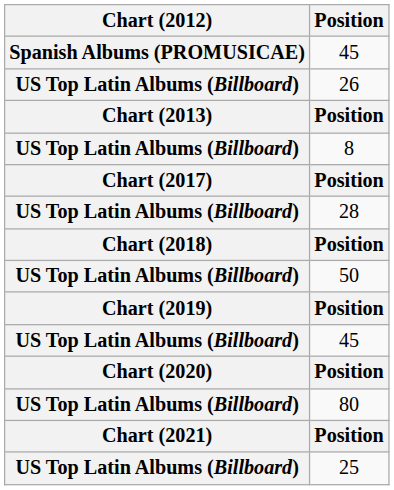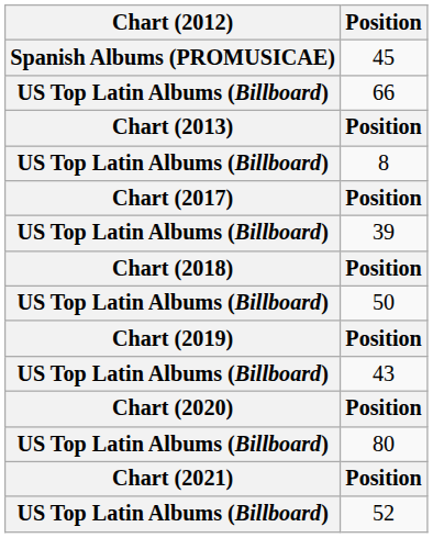 <table class="wikitable plainrowheaders" style="text-align:center">
 <tr>
 <th scope="col">Chart (2012)</th>
 <th scope="col">Position</th>
 </tr>
 <tr>
 <th scope="row">Spanish Albums (PROMUSICAE)</th>
 <td>45</td>
 </tr>
 <tr>
 <th scope="row">US Top Latin Albums (<em>Billboard</em>)</th>
-<td>26</td>
+<td>66</td>
 </tr>
 <tr>
 <th scope="col">Chart (2013)</th>
 <th scope="col">Position</th>
 </tr>
 <tr>
 <th scope="row">US Top Latin Albums (<em>Billboard</em>)</th>
 <td>8</td>
 </tr>
 <tr>
 <th scope="col">Chart (2017)</th>
 <th scope="col">Position</th>
 </tr>
 <tr>
 <th scope="row">US Top Latin Albums (<em>Billboard</em>)</th>
-<td>28</td>
+<td>39</td>
 </tr>
 <tr>
 <th scope="col">Chart (2018)</th>
 <th scope="col">Position</th>
 </tr>
 <tr>
 <th scope="row">US Top Latin Albums (<em>Billboard</em>)</th>
 <td>50</td>
 </tr>
 <tr>
 <th scope="col">Chart (2019)</th>
 <th scope="col">Position</th>
 </tr>
 <tr>
 <th scope="row">US Top Latin Albums (<em>Billboard</em>)</th>
-<td>45</td>
+<td>43</td>
 </tr>
 <tr>
 <th scope="col">Chart (2020)</th>
 <th scope="col">Position</th>
 </tr>
 <tr>
 <th scope="row">US Top Latin Albums (<em>Billboard</em>)</th>
 <td>80</td>
 </tr>
 <tr>
 <th scope="col">Chart (2021)</th>
 <th scope="col">Position</th>
 </tr>
 <tr>
 <th scope="row">US Top Latin Albums (<em>Billboard</em>)</th>
-<td>25</td>
+<td>52</td>
 </tr>
 </table>
